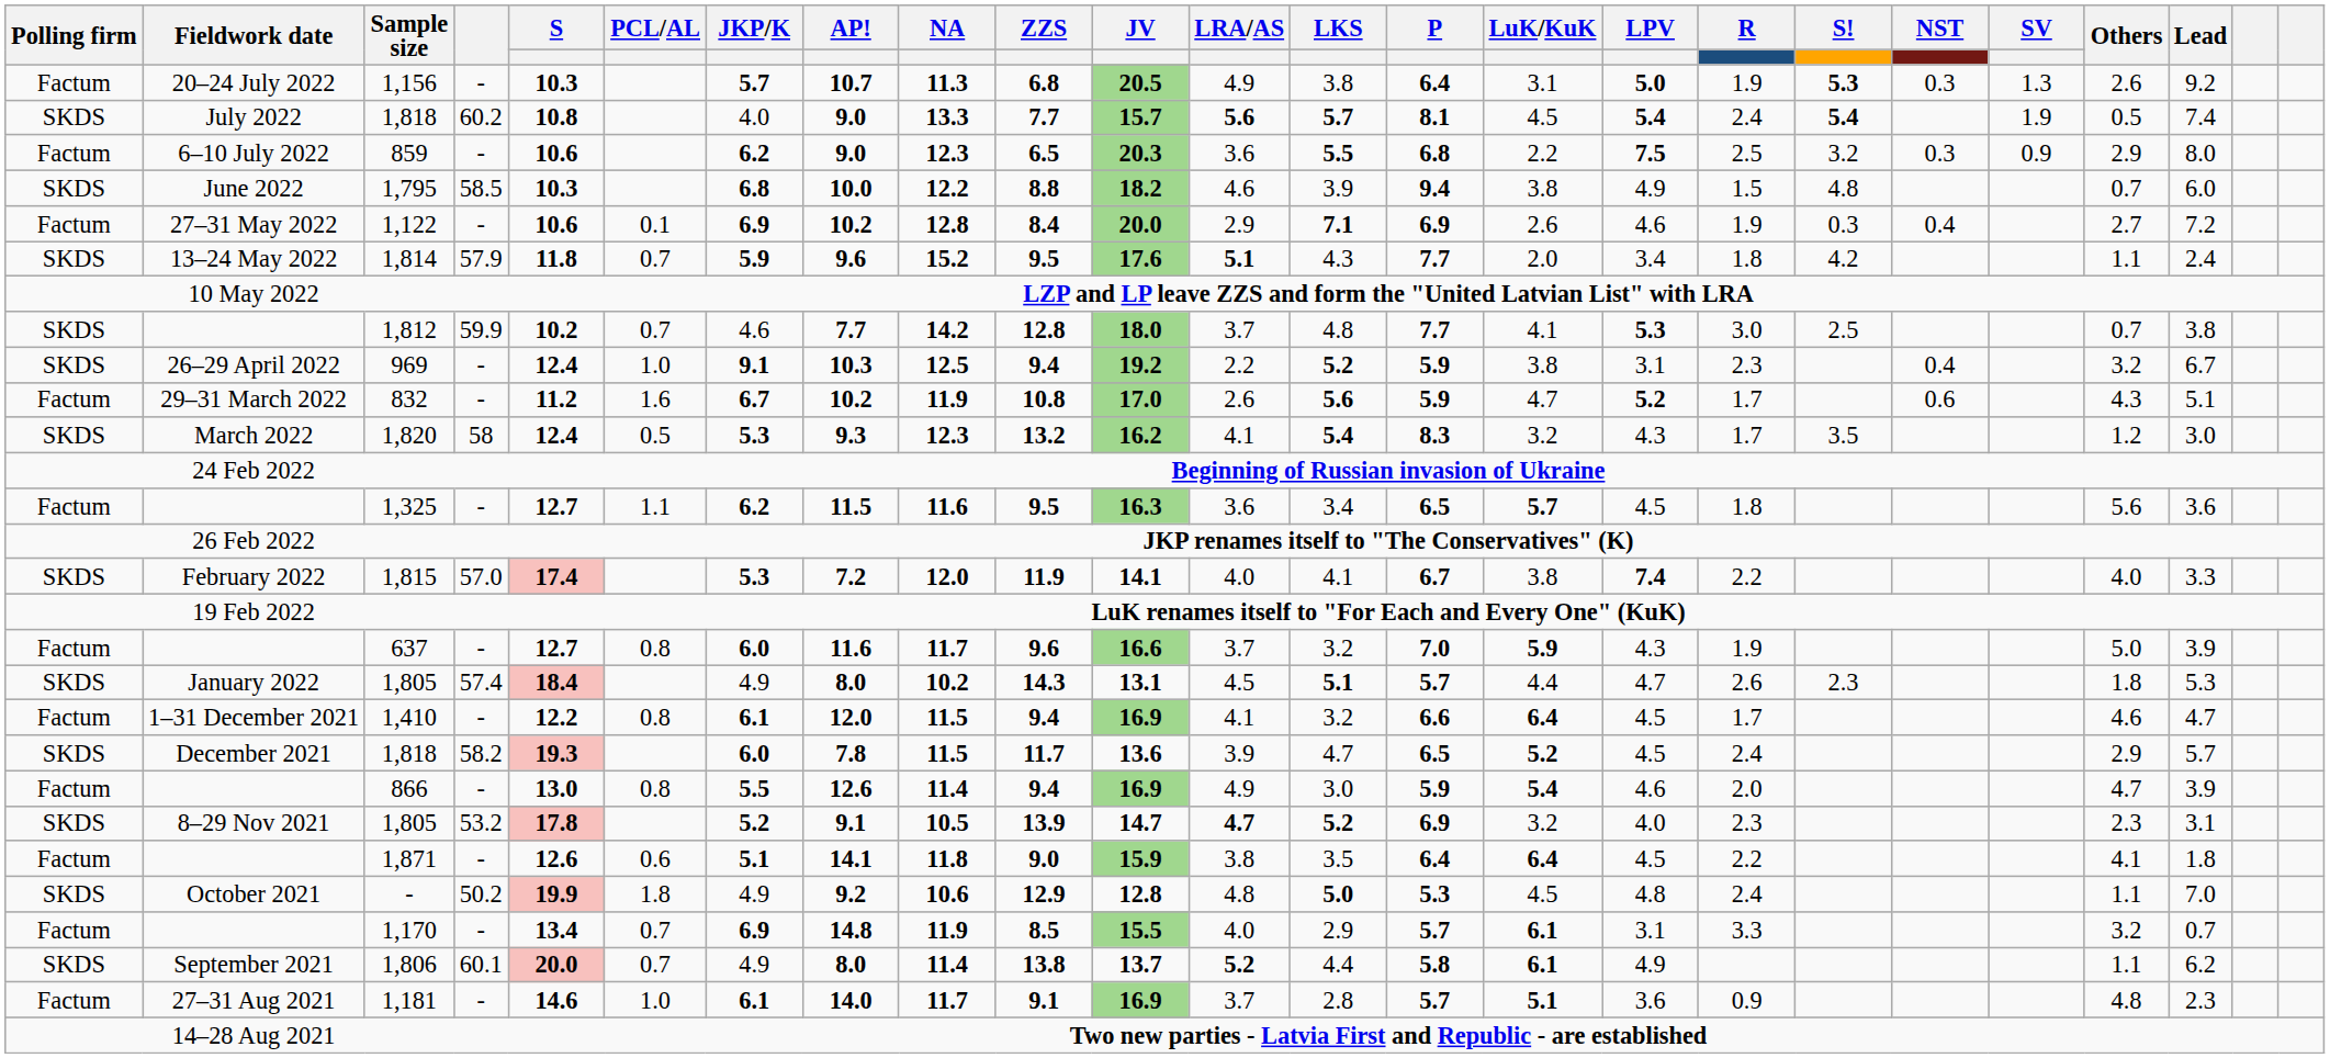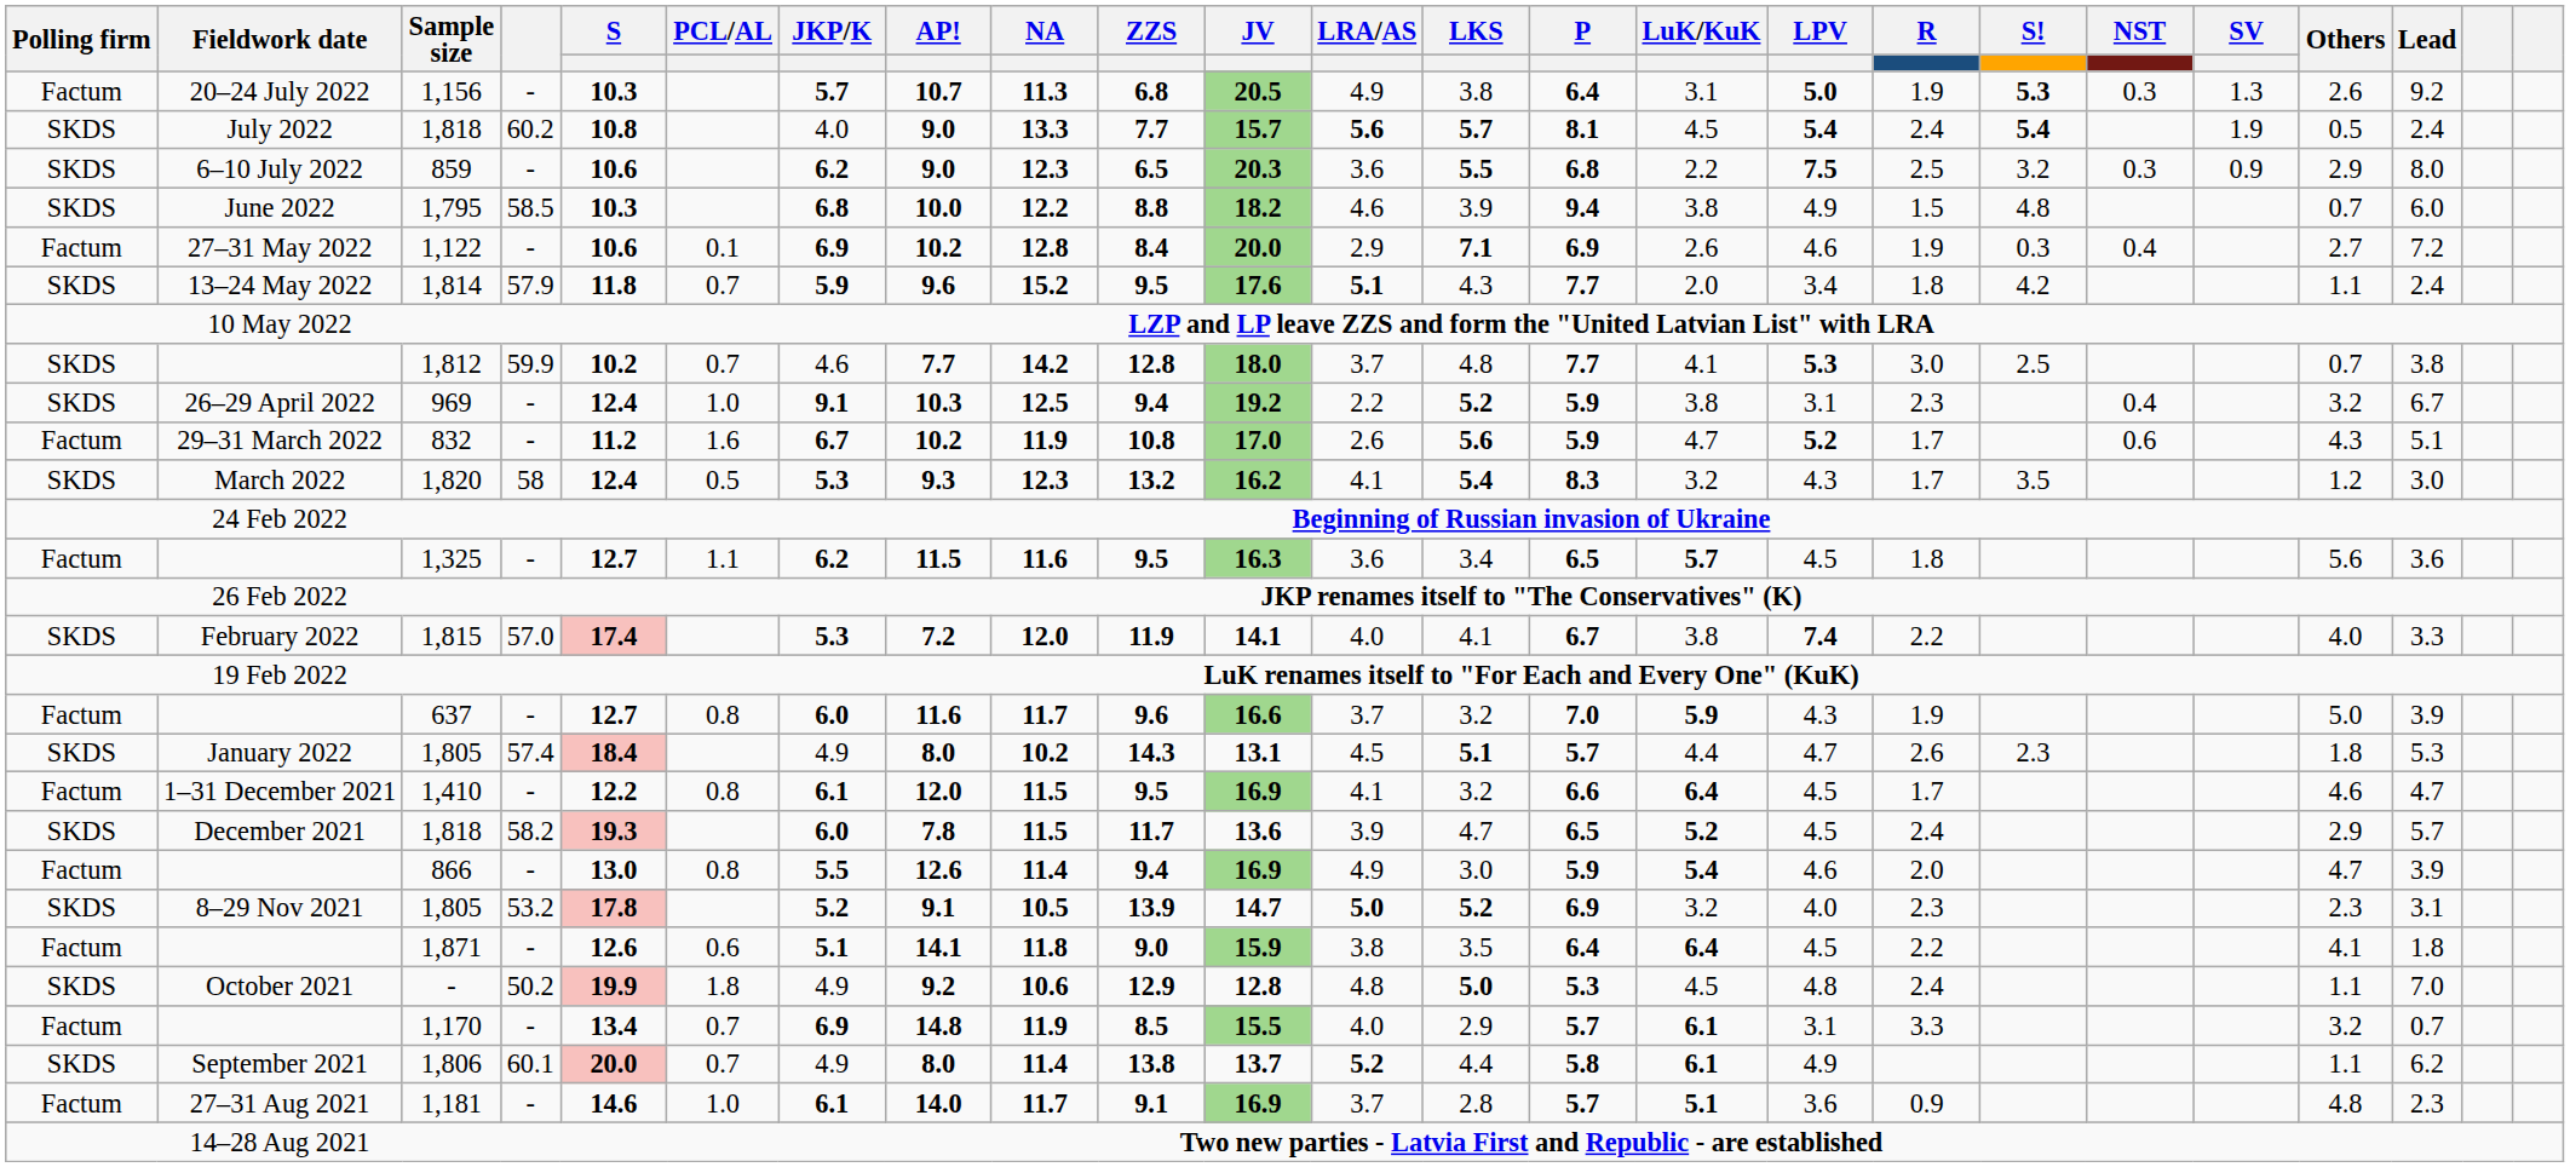 <table class="wikitable sortable mw-datatable" style="text-align:center;font-size:90%;line-height:14px;">
 <tr>
 <th rowspan="2">Polling firm</th>
 <th class="unsortable" rowspan="2">Fieldwork date</th>
 <th class="unsortable" rowspan="2">Sample<br>size</th>
 <th class="unsortable" rowspan="2"></th>
 <th class="unsortable" style="width:50px;"><a href='#'>S</a></th>
 <th class="unsortable" style="width:50px;"><a href='#'>PCL</a>/<a href='#'>AL</a></th>
 <th class="unsortable" style="width:50px;"><a href='#'>JKP</a>/<a href='#'>K</a></th>
 <th class="unsortable" style="width:50px;"><a href='#'>AP!</a></th>
 <th class="unsortable" style="width:50px;"><a href='#'>NA</a></th>
 <th class="unsortable" style="width:50px;"><a href='#'>ZZS</a></th>
 <th class="unsortable" style="width:50px;"><a href='#'>JV</a></th>
 <th class="unsortable" style="width:50px;"><a href='#'>LRA</a>/<a href='#'>AS</a></th>
 <th class="unsortable" style="width:50px;"><a href='#'>LKS</a></th>
 <th class="unsortable" style="width:50px;"><a href='#'>P</a></th>
 <th class="unsortable" style="width:50px;"><a href='#'>LuK</a>/<a href='#'>KuK</a></th>
 <th class="unsortable" style="width:50px;"><a href='#'>LPV</a></th>
 <th class="unsortable" style="width:50px;"><a href='#'>R</a></th>
 <th class="unsortable" style="width:50px;"><a href='#'>S!</a></th>
 <th class="unsortable" style="width:50px;"><a href='#'>NST</a></th>
 <th class="unsortable" style="width:50px;"><a href='#'>SV</a></th>
 <th class="unsortable" style="width:30px;" rowspan="2">Others</th>
 <th class="unsortable" style="width:30px;" rowspan="2">Lead</th>
 <th class="unsortable" style="width:20px;" rowspan="2"></th>
 <th class="unsortable" style="width:20px;" rowspan="2"></th>
 </tr>
 <tr>
 <th data-sort-type="number" style="background:"></th>
 <th data-sort-type="number" style="background:"></th>
 <th data-sort-type="number" style="background:"></th>
 <th data-sort-type="number" style="background:"></th>
 <th data-sort-type="number" style="background:"></th>
 <th data-sort-type="number" style="background:"></th>
 <th data-sort-type="number" style="background:"></th>
 <th data-sort-type="number" style="background:"></th>
 <th data-sort-type="number" style="background:"></th>
 <th data-sort-type="number" style="background:"></th>
 <th data-sort-type="number" style="background:"></th>
 <th data-sort-type="number" style="background:"></th>
 <th data-sort-type="number" style="background:#1B4D7D;"></th>
 <th data-sort-type="number" style="background:#FFA500;"></th>
 <th data-sort-type="number" style="background:#721813;"></th>
 <th data-sort-type="number" style="background:"></th>
 </tr>
 <tr>
 <td>Factum</td>
 <td>20–24 July 2022</td>
 <td>1,156</td>
 <td>-</td>
 <td><strong>10.3</strong></td>
 <td></td>
 <td><strong>5.7</strong></td>
 <td><strong>10.7</strong></td>
 <td><strong>11.3</strong></td>
 <td><strong>6.8</strong></td>
 <td style="background:#A0D78E"><strong>20.5</strong></td>
 <td>4.9</td>
 <td>3.8</td>
 <td><strong>6.4</strong></td>
 <td>3.1</td>
 <td><strong>5.0</strong></td>
 <td>1.9</td>
 <td><strong>5.3</strong></td>
 <td>0.3</td>
 <td>1.3</td>
 <td>2.6</td>
 <td style="background:">9.2</td>
 <td></td>
 <td></td>
 </tr>
 <tr>
 <td>SKDS</td>
 <td>July 2022</td>
 <td>1,818</td>
 <td>60.2</td>
 <td><strong>10.8</strong></td>
 <td></td>
 <td>4.0</td>
 <td><strong>9.0</strong></td>
 <td><strong>13.3</strong></td>
 <td><strong>7.7</strong></td>
 <td style="background:#A0D78E"><strong>15.7</strong></td>
 <td><strong>5.6</strong></td>
 <td><strong>5.7</strong></td>
 <td><strong>8.1</strong></td>
 <td>4.5</td>
 <td><strong>5.4</strong></td>
 <td>2.4</td>
 <td><strong>5.4</strong></td>
 <td></td>
 <td>1.9</td>
 <td>0.5</td>
-<td style="background:">7.4</td>
+<td style="background:">2.4</td>
 <td></td>
 <td></td>
 </tr>
 <tr>
-<td>Factum</td>
+<td>SKDS</td>
 <td>6–10 July 2022</td>
 <td>859</td>
 <td>-</td>
 <td><strong>10.6</strong></td>
 <td></td>
 <td><strong>6.2</strong></td>
 <td><strong>9.0</strong></td>
 <td><strong>12.3</strong></td>
 <td><strong>6.5</strong></td>
 <td style="background:#A0D78E"><strong>20.3</strong></td>
 <td>3.6</td>
 <td><strong>5.5</strong></td>
 <td><strong>6.8</strong></td>
 <td>2.2</td>
 <td><strong>7.5</strong></td>
 <td>2.5</td>
 <td>3.2</td>
 <td>0.3</td>
 <td>0.9</td>
 <td>2.9</td>
 <td style="background:">8.0</td>
 <td></td>
 <td></td>
 </tr>
 <tr>
 <td>SKDS</td>
 <td>June 2022</td>
 <td>1,795</td>
 <td>58.5</td>
 <td><strong>10.3</strong></td>
 <td></td>
 <td><strong>6.8</strong></td>
 <td><strong>10.0</strong></td>
 <td><strong>12.2</strong></td>
 <td><strong>8.8</strong></td>
 <td style="background:#A0D78E"><strong>18.2</strong></td>
 <td>4.6</td>
 <td>3.9</td>
 <td><strong>9.4</strong></td>
 <td>3.8</td>
 <td>4.9</td>
 <td>1.5</td>
 <td>4.8</td>
 <td></td>
 <td></td>
 <td>0.7</td>
 <td style="background:">6.0</td>
 <td></td>
 <td></td>
 </tr>
 <tr>
 <td>Factum</td>
 <td>27–31 May 2022</td>
 <td>1,122</td>
 <td>-</td>
 <td><strong>10.6</strong></td>
 <td>0.1</td>
 <td><strong>6.9</strong></td>
 <td><strong>10.2</strong></td>
 <td><strong>12.8</strong></td>
 <td><strong>8.4</strong></td>
 <td style="background:#A0D78E"><strong>20.0</strong></td>
 <td>2.9</td>
 <td><strong>7.1</strong></td>
 <td><strong>6.9</strong></td>
 <td>2.6</td>
 <td>4.6</td>
 <td>1.9</td>
 <td>0.3</td>
 <td>0.4</td>
 <td></td>
 <td>2.7</td>
 <td style="background:">7.2</td>
 <td></td>
 <td></td>
 </tr>
 <tr>
 <td>SKDS</td>
 <td>13–24 May 2022</td>
 <td>1,814</td>
 <td>57.9</td>
 <td><strong>11.8</strong></td>
 <td>0.7</td>
 <td><strong>5.9</strong></td>
 <td><strong>9.6</strong></td>
 <td><strong>15.2</strong></td>
 <td><strong>9.5</strong></td>
 <td style="background:#A0D78E"><strong>17.6</strong></td>
 <td><strong>5.1</strong></td>
 <td>4.3</td>
 <td><strong>7.7</strong></td>
 <td>2.0</td>
 <td>3.4</td>
 <td>1.8</td>
 <td>4.2</td>
 <td></td>
 <td></td>
 <td>1.1</td>
 <td style="background:">2.4</td>
 <td></td>
 <td></td>
 </tr>
 <tr>
 <td style="border-right-style:hidden;"></td>
 <td style="border-right-style:hidden;">10 May 2022</td>
 <td style="border-right-style:hidden;"></td>
 <td colspan="21"><strong><a href='#'>LZP</a> and <a href='#'>LP</a> leave ZZS and form the "United Latvian List" with LRA</strong></td>
 </tr>
 <tr>
 <td>SKDS</td>
 <td></td>
 <td>1,812</td>
 <td>59.9</td>
 <td><strong>10.2</strong></td>
 <td>0.7</td>
 <td>4.6</td>
 <td><strong>7.7</strong></td>
 <td><strong>14.2</strong></td>
 <td><strong>12.8</strong></td>
 <td style="background:#A0D78E"><strong>18.0</strong></td>
 <td>3.7</td>
 <td>4.8</td>
 <td><strong>7.7</strong></td>
 <td>4.1</td>
 <td><strong>5.3</strong></td>
 <td>3.0</td>
 <td>2.5</td>
 <td></td>
 <td></td>
 <td>0.7</td>
 <td style="background:">3.8</td>
 <td></td>
 <td></td>
 </tr>
 <tr>
 <td>SKDS</td>
 <td>26–29 April 2022</td>
 <td>969</td>
 <td>-</td>
 <td><strong>12.4</strong></td>
 <td>1.0</td>
 <td><strong>9.1</strong></td>
 <td><strong>10.3</strong></td>
 <td><strong>12.5</strong></td>
 <td><strong>9.4</strong></td>
 <td style="background:#A0D78E"><strong>19.2</strong></td>
 <td>2.2</td>
 <td><strong>5.2</strong></td>
 <td><strong>5.9</strong></td>
 <td>3.8</td>
 <td>3.1</td>
 <td>2.3</td>
 <td></td>
 <td>0.4</td>
 <td></td>
 <td>3.2</td>
 <td style="background:">6.7</td>
 <td></td>
 <td></td>
 </tr>
 <tr>
 <td>Factum</td>
 <td>29–31 March 2022</td>
 <td>832</td>
 <td>-</td>
 <td><strong>11.2</strong></td>
 <td>1.6</td>
 <td><strong>6.7</strong></td>
 <td><strong>10.2</strong></td>
 <td><strong>11.9</strong></td>
 <td><strong>10.8</strong></td>
 <td style="background:#A0D78E"><strong>17.0</strong></td>
 <td>2.6</td>
 <td><strong>5.6</strong></td>
 <td><strong>5.9</strong></td>
 <td>4.7</td>
 <td><strong>5.2</strong></td>
 <td>1.7</td>
 <td></td>
 <td>0.6</td>
 <td></td>
 <td>4.3</td>
 <td style="background:">5.1</td>
 <td></td>
 <td></td>
 </tr>
 <tr>
 <td>SKDS</td>
 <td>March 2022</td>
 <td>1,820</td>
 <td>58</td>
 <td><strong>12.4</strong></td>
 <td>0.5</td>
 <td><strong>5.3</strong></td>
 <td><strong>9.3</strong></td>
 <td><strong>12.3</strong></td>
 <td><strong>13.2</strong></td>
 <td style="background:#A0D78E"><strong>16.2</strong></td>
 <td>4.1</td>
 <td><strong>5.4</strong></td>
 <td><strong>8.3</strong></td>
 <td>3.2</td>
 <td>4.3</td>
 <td>1.7</td>
 <td>3.5</td>
 <td></td>
 <td></td>
 <td>1.2</td>
 <td style="background:">3.0</td>
 <td></td>
 <td></td>
 </tr>
 <tr>
 <td style="border-right-style:hidden;"></td>
 <td style="border-right-style:hidden;">24 Feb 2022</td>
 <td style="border-right-style:hidden;"></td>
 <td colspan="21"><strong><a href='#'>Beginning of Russian invasion of Ukraine</a></strong></td>
 </tr>
 <tr>
 <td>Factum</td>
 <td></td>
 <td>1,325</td>
 <td>-</td>
 <td><strong>12.7</strong></td>
 <td>1.1</td>
 <td><strong>6.2</strong></td>
 <td><strong>11.5</strong></td>
 <td><strong>11.6</strong></td>
 <td><strong>9.5</strong></td>
 <td style="background:#A0D78E"><strong>16.3</strong></td>
 <td>3.6</td>
 <td>3.4</td>
 <td><strong>6.5</strong></td>
 <td><strong>5.7</strong></td>
 <td>4.5</td>
 <td>1.8</td>
 <td></td>
 <td></td>
 <td></td>
 <td>5.6</td>
 <td style="background:">3.6</td>
 <td></td>
 <td></td>
 </tr>
 <tr>
 <td style="border-right-style:hidden;"></td>
 <td style="border-right-style:hidden;">26 Feb 2022</td>
 <td style="border-right-style:hidden;"></td>
 <td colspan="21"><strong>JKP renames itself to "The Conservatives" (K)</strong></td>
 </tr>
 <tr>
 <td>SKDS</td>
 <td>February 2022</td>
 <td>1,815</td>
 <td>57.0</td>
 <td style="background:#F8C1BE"><strong>17.4</strong></td>
 <td></td>
 <td><strong>5.3</strong></td>
 <td><strong>7.2</strong></td>
 <td><strong>12.0</strong></td>
 <td><strong>11.9</strong></td>
 <td><strong>14.1</strong></td>
 <td>4.0</td>
 <td>4.1</td>
 <td><strong>6.7</strong></td>
 <td>3.8</td>
 <td><strong>7.4</strong></td>
 <td>2.2</td>
 <td></td>
 <td></td>
 <td></td>
 <td>4.0</td>
 <td style="background:">3.3</td>
 <td></td>
 <td></td>
 </tr>
 <tr>
 <td style="border-right-style:hidden;"></td>
 <td style="border-right-style:hidden;">19 Feb 2022</td>
 <td style="border-right-style:hidden;"></td>
 <td colspan="21"><strong>LuK renames itself to "For Each and Every One" (KuK)</strong></td>
 </tr>
 <tr>
 <td>Factum</td>
 <td></td>
 <td>637</td>
 <td>-</td>
 <td><strong>12.7</strong></td>
 <td>0.8</td>
 <td><strong>6.0</strong></td>
 <td><strong>11.6</strong></td>
 <td><strong>11.7</strong></td>
 <td><strong>9.6</strong></td>
 <td style="background:#A0D78E"><strong>16.6</strong></td>
 <td>3.7</td>
 <td>3.2</td>
 <td><strong>7.0</strong></td>
 <td><strong>5.9</strong></td>
 <td>4.3</td>
 <td>1.9</td>
 <td></td>
 <td></td>
 <td></td>
 <td>5.0</td>
 <td style="background:">3.9</td>
 <td></td>
 <td></td>
 </tr>
 <tr>
 <td>SKDS</td>
 <td>January 2022</td>
 <td>1,805</td>
 <td>57.4</td>
 <td style="background:#F8C1BE"><strong>18.4</strong></td>
 <td></td>
 <td>4.9</td>
 <td><strong>8.0</strong></td>
 <td><strong>10.2</strong></td>
 <td><strong>14.3</strong></td>
 <td><strong>13.1</strong></td>
 <td>4.5</td>
 <td><strong>5.1</strong></td>
 <td><strong>5.7</strong></td>
 <td>4.4</td>
 <td>4.7</td>
 <td>2.6</td>
 <td>2.3</td>
 <td></td>
 <td></td>
 <td>1.8</td>
 <td style="background:">5.3</td>
 <td></td>
 <td></td>
 </tr>
 <tr>
 <td>Factum</td>
 <td>1–31 December 2021</td>
 <td>1,410</td>
 <td>-</td>
 <td><strong>12.2</strong></td>
 <td>0.8</td>
 <td><strong>6.1</strong></td>
 <td><strong>12.0</strong></td>
 <td><strong>11.5</strong></td>
-<td><strong>9.4</strong></td>
+<td><strong>9.5</strong></td>
 <td style="background:#A0D78E"><strong>16.9</strong></td>
 <td>4.1</td>
 <td>3.2</td>
 <td><strong>6.6</strong></td>
 <td><strong>6.4</strong></td>
 <td>4.5</td>
 <td>1.7</td>
 <td></td>
 <td></td>
 <td></td>
 <td>4.6</td>
 <td style="background:">4.7</td>
 <td></td>
 <td></td>
 </tr>
 <tr>
 <td>SKDS</td>
 <td>December 2021</td>
 <td>1,818</td>
 <td>58.2</td>
 <td style="background:#F8C1BE"><strong>19.3</strong></td>
 <td></td>
 <td><strong>6.0</strong></td>
 <td><strong>7.8</strong></td>
 <td><strong>11.5</strong></td>
 <td><strong>11.7</strong></td>
 <td><strong>13.6</strong></td>
 <td>3.9</td>
 <td>4.7</td>
 <td><strong>6.5</strong></td>
 <td><strong>5.2</strong></td>
 <td>4.5</td>
 <td>2.4</td>
 <td></td>
 <td></td>
 <td></td>
 <td>2.9</td>
 <td style="background:">5.7</td>
 <td></td>
 <td></td>
 </tr>
 <tr>
 <td>Factum</td>
 <td></td>
 <td>866</td>
 <td>-</td>
 <td><strong>13.0</strong></td>
 <td>0.8</td>
 <td><strong>5.5</strong></td>
 <td><strong>12.6</strong></td>
 <td><strong>11.4</strong></td>
 <td><strong>9.4</strong></td>
 <td style="background:#A0D78E"><strong>16.9</strong></td>
 <td>4.9</td>
 <td>3.0</td>
 <td><strong>5.9</strong></td>
 <td><strong>5.4</strong></td>
 <td>4.6</td>
 <td>2.0</td>
 <td></td>
 <td></td>
 <td></td>
 <td>4.7</td>
 <td style="background:">3.9</td>
 <td></td>
 <td></td>
 </tr>
 <tr>
 <td>SKDS</td>
 <td>8–29 Nov 2021</td>
 <td>1,805</td>
 <td>53.2</td>
 <td style="background:#F8C1BE"><strong>17.8</strong></td>
 <td></td>
 <td><strong>5.2</strong></td>
 <td><strong>9.1</strong></td>
 <td><strong>10.5</strong></td>
 <td><strong>13.9</strong></td>
 <td><strong>14.7</strong></td>
-<td><strong>4.7</strong></td>
+<td><strong>5.0</strong></td>
 <td><strong>5.2</strong></td>
 <td><strong>6.9</strong></td>
 <td>3.2</td>
 <td>4.0</td>
 <td>2.3</td>
 <td></td>
 <td></td>
 <td></td>
 <td>2.3</td>
 <td style="background:">3.1</td>
 <td></td>
 <td></td>
 </tr>
 <tr>
 <td>Factum</td>
 <td></td>
 <td>1,871</td>
 <td>-</td>
 <td><strong>12.6</strong></td>
 <td>0.6</td>
 <td><strong>5.1</strong></td>
 <td><strong>14.1</strong></td>
 <td><strong>11.8</strong></td>
 <td><strong>9.0</strong></td>
 <td style="background:#A0D78E"><strong>15.9</strong></td>
 <td>3.8</td>
 <td>3.5</td>
 <td><strong>6.4</strong></td>
 <td><strong>6.4</strong></td>
 <td>4.5</td>
 <td>2.2</td>
 <td></td>
 <td></td>
 <td></td>
 <td>4.1</td>
 <td style="background:">1.8</td>
 <td></td>
 <td></td>
 </tr>
 <tr>
 <td>SKDS</td>
 <td>October 2021</td>
 <td>-</td>
 <td>50.2</td>
 <td style="background:#F8C1BE"><strong>19.9</strong></td>
 <td>1.8</td>
 <td>4.9</td>
 <td><strong>9.2</strong></td>
 <td><strong>10.6</strong></td>
 <td><strong>12.9</strong></td>
 <td><strong>12.8</strong></td>
 <td>4.8</td>
 <td><strong>5.0</strong></td>
 <td><strong>5.3</strong></td>
 <td>4.5</td>
 <td>4.8</td>
 <td>2.4</td>
 <td></td>
 <td></td>
 <td></td>
 <td>1.1</td>
 <td style="background:">7.0</td>
 <td></td>
 <td></td>
 </tr>
 <tr>
 <td>Factum</td>
 <td></td>
 <td>1,170</td>
 <td>-</td>
 <td><strong>13.4</strong></td>
 <td>0.7</td>
 <td><strong>6.9</strong></td>
 <td><strong>14.8</strong></td>
 <td><strong>11.9</strong></td>
 <td><strong>8.5</strong></td>
 <td style="background:#A0D78E"><strong>15.5</strong></td>
 <td>4.0</td>
 <td>2.9</td>
 <td><strong>5.7</strong></td>
 <td><strong>6.1</strong></td>
 <td>3.1</td>
 <td>3.3</td>
 <td></td>
 <td></td>
 <td></td>
 <td>3.2</td>
 <td style="background:">0.7</td>
 <td></td>
 <td></td>
 </tr>
 <tr>
 <td>SKDS</td>
 <td>September 2021</td>
 <td>1,806</td>
 <td>60.1</td>
 <td style="background:#F8C1BE"><strong>20.0</strong></td>
 <td>0.7</td>
 <td>4.9</td>
 <td><strong>8.0</strong></td>
 <td><strong>11.4</strong></td>
 <td><strong>13.8</strong></td>
 <td><strong>13.7</strong></td>
 <td><strong>5.2</strong></td>
 <td>4.4</td>
 <td><strong>5.8</strong></td>
 <td><strong>6.1</strong></td>
 <td>4.9</td>
 <td></td>
 <td></td>
 <td></td>
 <td></td>
 <td>1.1</td>
 <td style="background:">6.2</td>
 <td></td>
 <td></td>
 </tr>
 <tr>
 <td>Factum</td>
 <td>27–31 Aug 2021</td>
 <td>1,181</td>
 <td>-</td>
 <td><strong>14.6</strong></td>
 <td>1.0</td>
 <td><strong>6.1</strong></td>
 <td><strong>14.0</strong></td>
 <td><strong>11.7</strong></td>
 <td><strong>9.1</strong></td>
 <td style="background:#A0D78E"><strong>16.9</strong></td>
 <td>3.7</td>
 <td>2.8</td>
 <td><strong>5.7</strong></td>
 <td><strong>5.1</strong></td>
 <td>3.6</td>
 <td>0.9</td>
 <td></td>
 <td></td>
 <td></td>
 <td>4.8</td>
 <td style="background:">2.3</td>
 <td></td>
 <td></td>
 </tr>
 <tr>
 <td style="border-right-style:hidden;"></td>
 <td style="border-right-style:hidden;">14–28 Aug 2021</td>
 <td style="border-right-style:hidden;"></td>
 <td colspan="21"><strong>Two new parties - <a href='#'>Latvia First</a> and <a href='#'>Republic</a> - are established</strong></td>
 </tr>
 </table>
